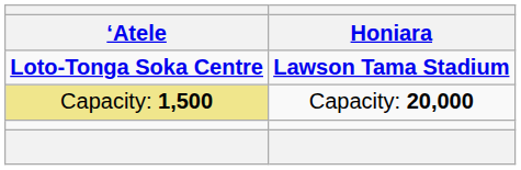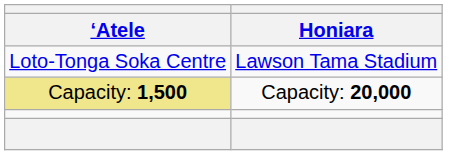 <table class="wikitable" style="text-align:center">
 <tr>
 <th></th>
 <th></th>
 </tr>
 <tr>
 <th><a href='#'>‘Atele</a></th>
 <th><a href='#'>Honiara</a></th>
 </tr>
 <tr>
-<td><strong><a href='#'>Loto-Tonga Soka Centre</a></strong></td>
-<td><strong><a href='#'>Lawson Tama Stadium</a></strong></td>
+<td><a href='#'>Loto-Tonga Soka Centre</a></td>
+<td><a href='#'>Lawson Tama Stadium</a></td>
 </tr>
 <tr>
 <td style="background: khaki;">Capacity: <strong>1,500</strong></td>
 <td>Capacity: <strong>20,000</strong></td>
 </tr>
 <tr>
 <td></td>
 <td></td>
 </tr>
 <tr>
 <th rowspan="4"><br></th>
 <th rowspan="4"><br></th>
 </tr>
 </table>
